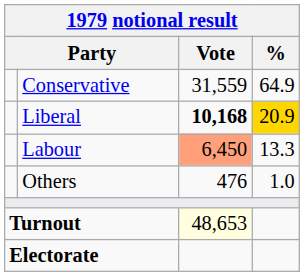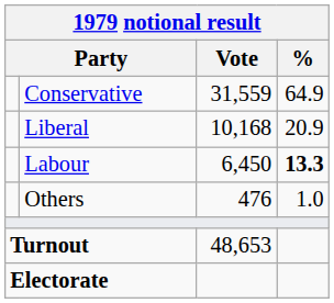 <table class="wikitable">
 <tr>
 <th colspan="4"><a href='#'>1979</a> <a href='#'>notional result</a></th>
 </tr>
 <tr>
 <th bgcolor="#DDDDFF" width="130px" colspan="2">Party</th>
 <th bgcolor="#DDDDFF" width="50px">Vote</th>
 <th bgcolor="#DDDDFF" width="30px">%</th>
 </tr>
 <tr>
 <td></td>
 <td><a href='#'>Conservative</a></td>
 <td align=right>31,559</td>
 <td align=right>64.9</td>
 </tr>
 <tr>
 <td></td>
 <td><a href='#'>Liberal</a></td>
-<td align=right><strong>10,168</strong></td>
-<td align=right style="background: gold;">20.9</td>
+<td align=right>10,168</td>
+<td align=right>20.9</td>
 </tr>
 <tr>
 <td></td>
 <td><a href='#'>Labour</a></td>
-<td align=right style="background: lightsalmon;">6,450</td>
-<td align=right>13.3</td>
+<td align=right>6,450</td>
+<td align=right><strong>13.3</strong></td>
 </tr>
 <tr>
 <td></td>
 <td>Others</td>
 <td align=right>476</td>
 <td align=right>1.0</td>
 </tr>
 <tr>
 <td colspan="4" bgcolor="#EAECF0"></td>
 </tr>
 <tr>
 <td colspan="2"><strong>Turnout</strong></td>
-<td align=right style="background: lightyellow;">48,653</td>
+<td align=right>48,653</td>
 <td align=right></td>
 </tr>
 <tr>
 <td colspan="2"><strong>Electorate</strong></td>
 <td align=right></td>
 </tr>
 </table>
